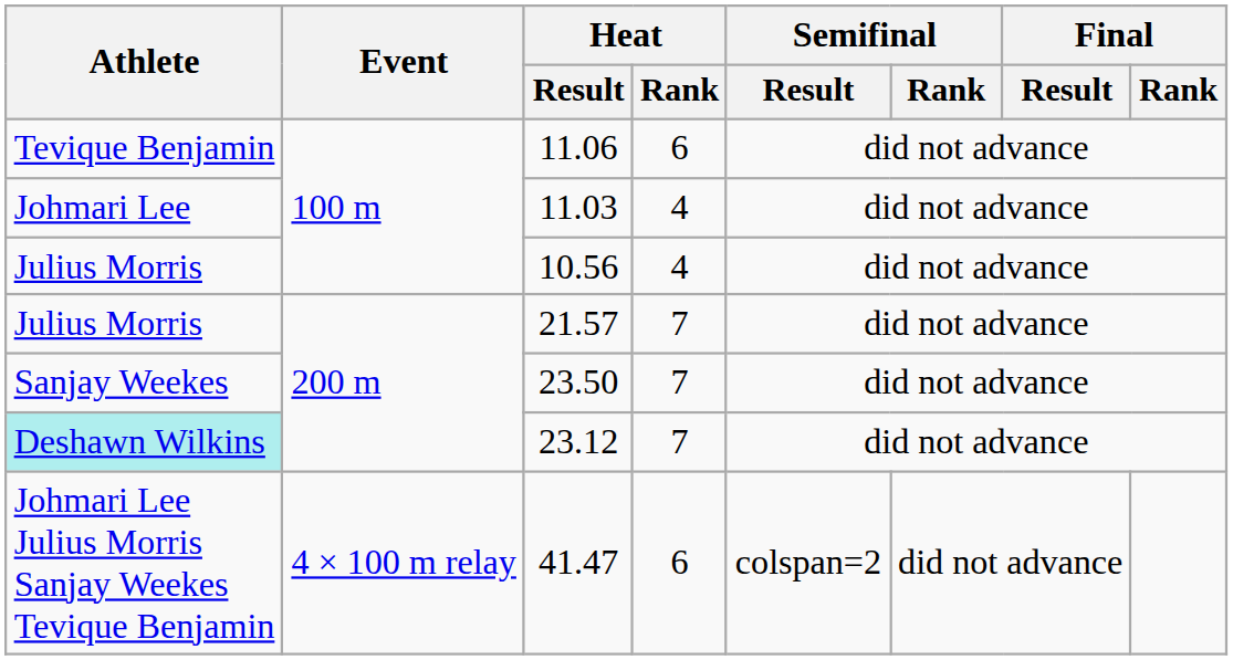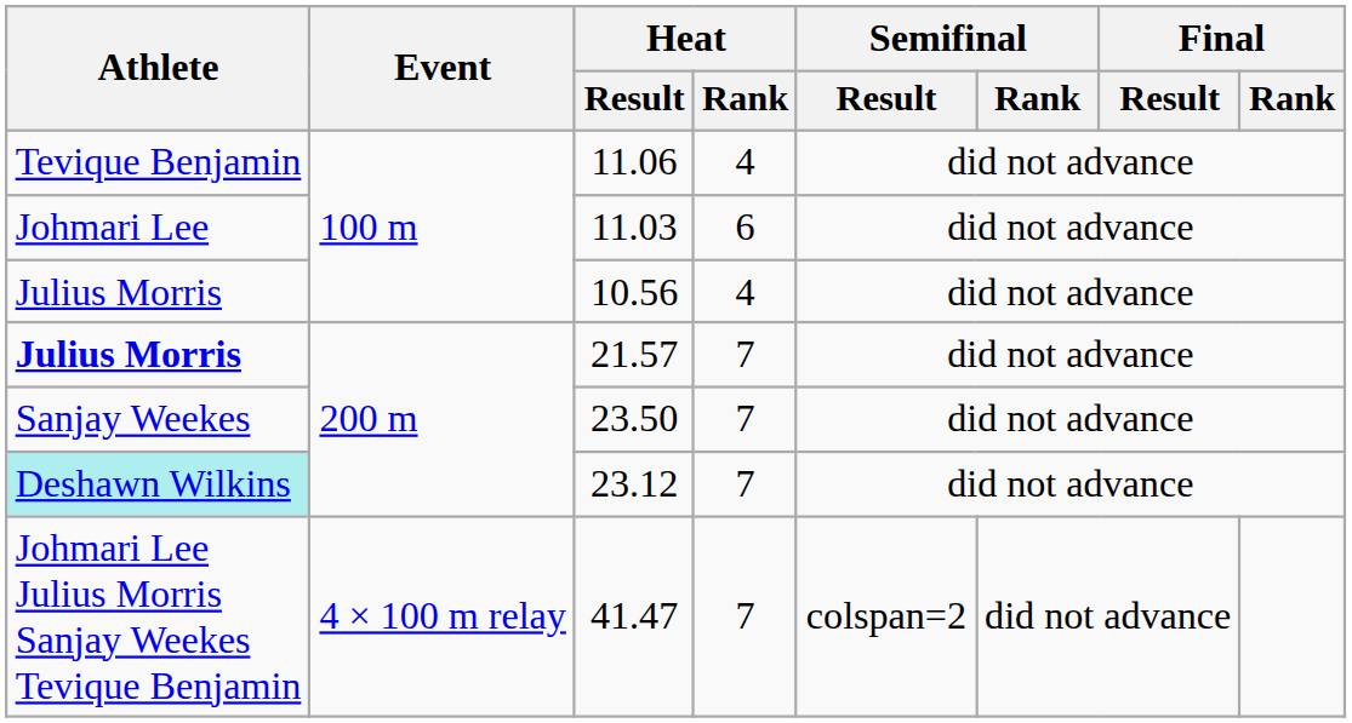 <table class="wikitable" style="font-size:90%; text-align:center">
 <tr>
 <th rowspan=2>Athlete</th>
 <th rowspan=2>Event</th>
 <th colspan=2>Heat</th>
 <th colspan=2>Semifinal</th>
 <th colspan=2>Final</th>
 </tr>
 <tr style="font-size:95%">
 <th>Result</th>
 <th>Rank</th>
 <th>Result</th>
 <th>Rank</th>
 <th>Result</th>
 <th>Rank</th>
 </tr>
 <tr>
 <td align=left><a href='#'>Tevique Benjamin</a></td>
 <td align=left rowspan=3><a href='#'>100 m</a></td>
 <td>11.06</td>
-<td>6</td>
+<td>4</td>
 <td colspan=4>did not advance</td>
 </tr>
 <tr>
 <td align=left><a href='#'>Johmari Lee</a></td>
 <td>11.03</td>
-<td>4</td>
+<td>6</td>
 <td colspan=4>did not advance</td>
 </tr>
 <tr>
 <td align=left><a href='#'>Julius Morris</a></td>
 <td>10.56</td>
 <td>4</td>
 <td colspan=4>did not advance</td>
 </tr>
 <tr>
-<td align=left><a href='#'>Julius Morris</a></td>
+<td align=left><strong><a href='#'>Julius Morris</a></strong></td>
 <td align=left rowspan=3><a href='#'>200 m</a></td>
 <td>21.57</td>
 <td>7</td>
 <td colspan=4>did not advance</td>
 </tr>
 <tr>
 <td align=left><a href='#'>Sanjay Weekes</a></td>
 <td>23.50</td>
 <td>7</td>
 <td colspan=4>did not advance</td>
 </tr>
 <tr>
 <td align=left style="background: paleturquoise;"><a href='#'>Deshawn Wilkins</a></td>
 <td>23.12</td>
 <td>7</td>
 <td colspan=4>did not advance</td>
 </tr>
 <tr>
 <td align=left><a href='#'>Johmari Lee</a><br><a href='#'>Julius Morris</a><br><a href='#'>Sanjay Weekes</a><br><a href='#'>Tevique Benjamin</a></td>
 <td align=left><a href='#'>4 × 100 m relay</a></td>
 <td>41.47</td>
-<td>6</td>
+<td>7</td>
 <td>colspan=2 </td>
 <td colspan=2>did not advance</td>
 </tr>
 </table>
